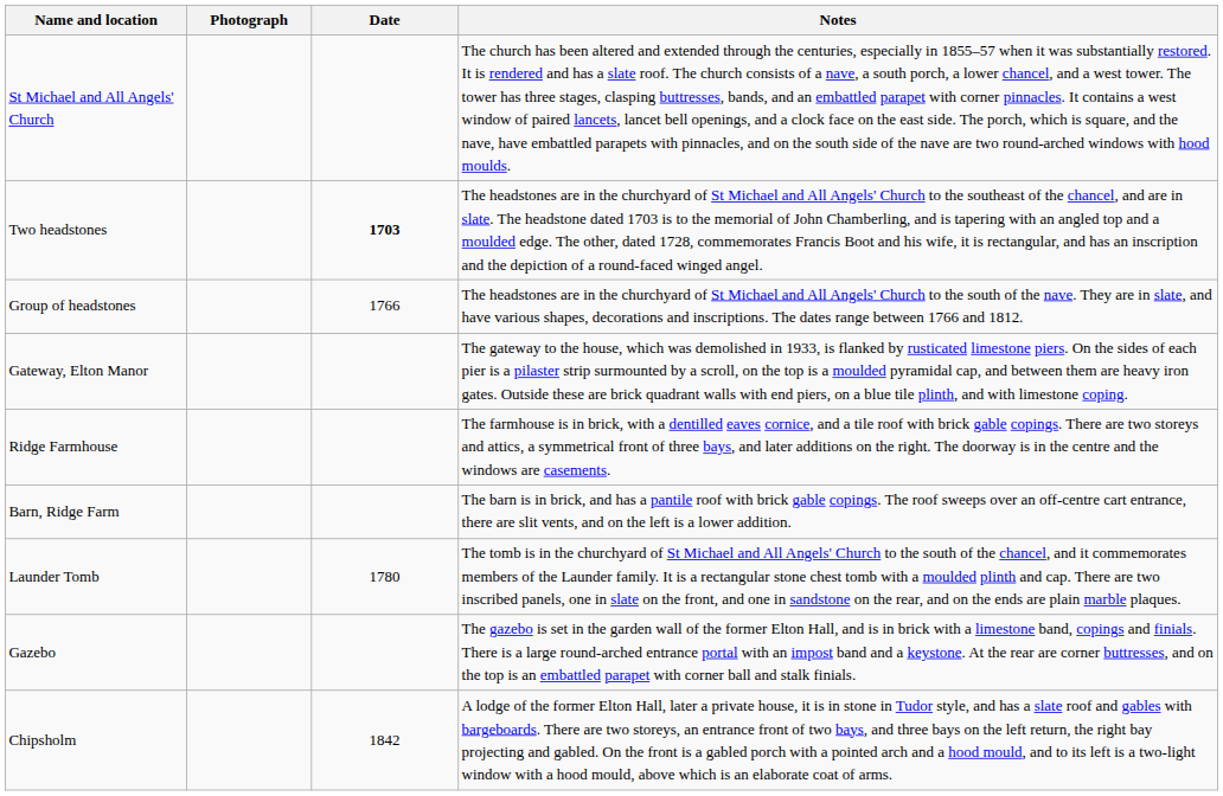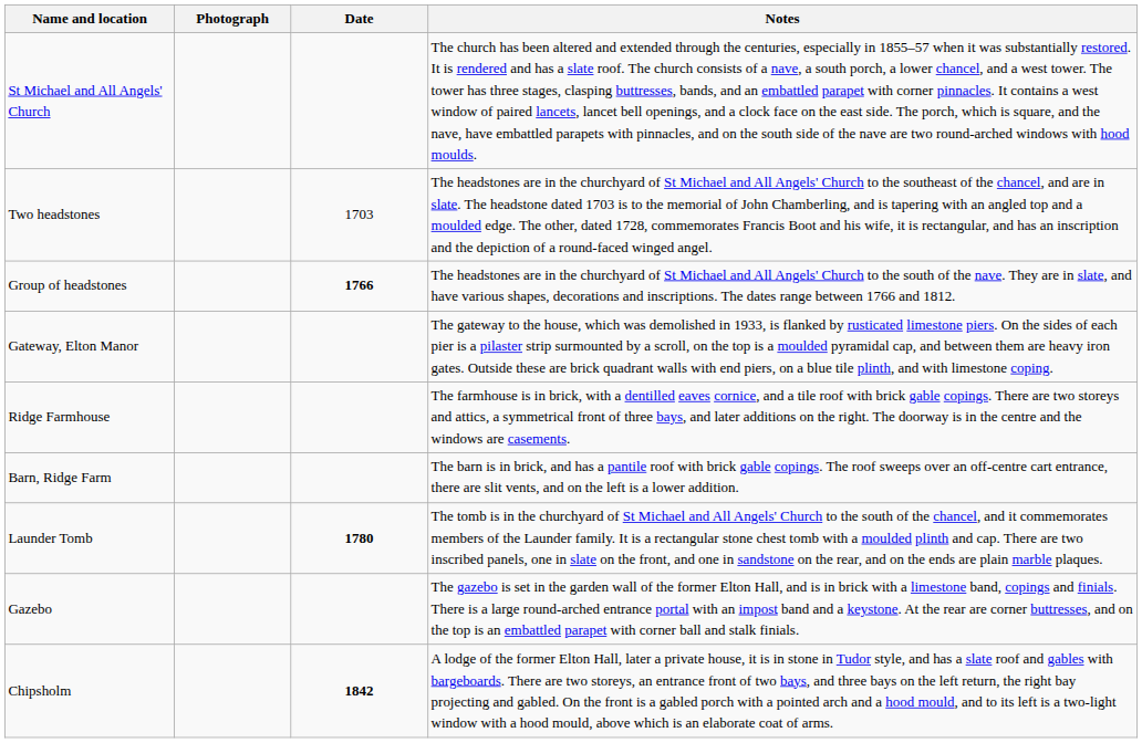 <table class="wikitable sortable plainrowheaders" style="width:100%; border:0px; text-align:left; line-height:150%">
 <tr>
 <th scope="col"  style="width:150px">Name and location</th>
 <th scope="col"  style="width:100px" class="unsortable">Photograph</th>
 <th scope="col"  style="width:120px">Date</th>
 <th scope="col"  style="width:650px" class="unsortable">Notes</th>
 </tr>
 <tr>
 <td><a href='#'>St Michael and All Angels' Church</a><br><small></small></td>
 <td></td>
 <td align="center"></td>
 <td>The church has been altered and extended through the centuries, especially in 1855–57 when it was substantially <a href='#'>restored</a>.  It is <a href='#'>rendered</a> and has a <a href='#'>slate</a> roof.  The church consists of a <a href='#'>nave</a>, a south porch, a lower <a href='#'>chancel</a>, and a west tower.  The tower has three stages, clasping <a href='#'>buttresses</a>, bands, and an <a href='#'>embattled</a> <a href='#'>parapet</a> with corner <a href='#'>pinnacles</a>.  It contains a west window of paired <a href='#'>lancets</a>, lancet bell openings, and a clock face on the east side.  The porch, which is square, and the nave, have embattled parapets with pinnacles, and on the south side of the nave are two round-arched windows with <a href='#'>hood moulds</a>.</td>
 </tr>
 <tr>
 <td>Two headstones<br><small></small></td>
 <td></td>
-<td align="center"><strong>1703</strong></td>
+<td align="center">1703</td>
 <td>The headstones are in the churchyard of <a href='#'>St Michael and All Angels' Church</a> to the southeast of the <a href='#'>chancel</a>, and are in <a href='#'>slate</a>.  The headstone dated 1703 is to the memorial of John Chamberling, and is tapering with an angled top and a <a href='#'>moulded</a> edge.  The other, dated 1728, commemorates Francis Boot and his wife, it is rectangular, and has an inscription and the depiction of a round-faced winged angel.</td>
 </tr>
 <tr>
 <td>Group of headstones<br><small></small></td>
 <td></td>
-<td align="center">1766</td>
+<td align="center"><strong>1766</strong></td>
 <td>The headstones are in the churchyard of <a href='#'>St Michael and All Angels' Church</a> to the south of the <a href='#'>nave</a>.  They are in <a href='#'>slate</a>, and have various shapes, decorations and inscriptions.  The dates range between 1766 and 1812.</td>
 </tr>
 <tr>
 <td>Gateway, Elton Manor<br><small></small></td>
 <td></td>
 <td align="center"></td>
 <td>The gateway to the house, which was demolished in 1933, is flanked by <a href='#'>rusticated</a> <a href='#'>limestone</a> <a href='#'>piers</a>.  On the sides of each pier is a <a href='#'>pilaster</a> strip surmounted by a scroll, on the top is a <a href='#'>moulded</a> pyramidal cap, and between them are heavy iron gates.  Outside these are brick quadrant walls with end piers, on a blue tile <a href='#'>plinth</a>, and with limestone <a href='#'>coping</a>.</td>
 </tr>
 <tr>
 <td>Ridge Farmhouse<br><small></small></td>
 <td></td>
 <td align="center"></td>
 <td>The farmhouse is in brick, with a <a href='#'>dentilled</a> <a href='#'>eaves</a> <a href='#'>cornice</a>, and a tile roof with brick <a href='#'>gable</a> <a href='#'>copings</a>.  There are two storeys and attics, a symmetrical front of three <a href='#'>bays</a>, and later additions on the right.  The doorway is in the centre and the windows are <a href='#'>casements</a>.</td>
 </tr>
 <tr>
 <td>Barn, Ridge Farm<br><small></small></td>
 <td></td>
 <td align="center"></td>
 <td>The barn is in brick, and has a <a href='#'>pantile</a> roof with brick <a href='#'>gable</a> <a href='#'>copings</a>.  The roof sweeps over an off-centre cart entrance, there are slit vents, and on the left is a lower addition.</td>
 </tr>
 <tr>
 <td>Launder Tomb<br><small></small></td>
 <td></td>
-<td align="center">1780</td>
+<td align="center"><strong>1780</strong></td>
 <td>The tomb is in the churchyard of <a href='#'>St Michael and All Angels' Church</a> to the south of the <a href='#'>chancel</a>, and it commemorates members of the Launder family.  It is a rectangular stone chest tomb with a <a href='#'>moulded</a> <a href='#'>plinth</a> and cap.  There are two inscribed panels, one in <a href='#'>slate</a> on the front, and one in <a href='#'>sandstone</a> on the rear, and on the ends are plain <a href='#'>marble</a> plaques.</td>
 </tr>
 <tr>
 <td>Gazebo<br><small></small></td>
 <td></td>
 <td align="center"></td>
 <td>The <a href='#'>gazebo</a> is set in the garden wall of the former Elton Hall, and is in brick with a <a href='#'>limestone</a> band, <a href='#'>copings</a> and <a href='#'>finials</a>.  There is a large round-arched entrance <a href='#'>portal</a> with an <a href='#'>impost</a> band and a <a href='#'>keystone</a>.  At the rear are corner <a href='#'>buttresses</a>, and on the top is an <a href='#'>embattled</a> <a href='#'>parapet</a> with corner ball and stalk finials.</td>
 </tr>
 <tr>
 <td>Chipsholm<br><small></small></td>
 <td></td>
-<td align="center">1842</td>
+<td align="center"><strong>1842</strong></td>
 <td>A lodge of the former Elton Hall, later a private house, it is in stone in <a href='#'>Tudor</a> style, and has a <a href='#'>slate</a> roof and <a href='#'>gables</a> with <a href='#'>bargeboards</a>.  There are two storeys, an entrance front of two <a href='#'>bays</a>, and three bays on the left return, the right bay projecting and gabled.  On the front is a gabled porch with a pointed arch and a <a href='#'>hood mould</a>, and to its left is a two-light window with a hood mould, above which is an elaborate coat of arms.</td>
 </tr>
 <tr>
 </tr>
 </table>
